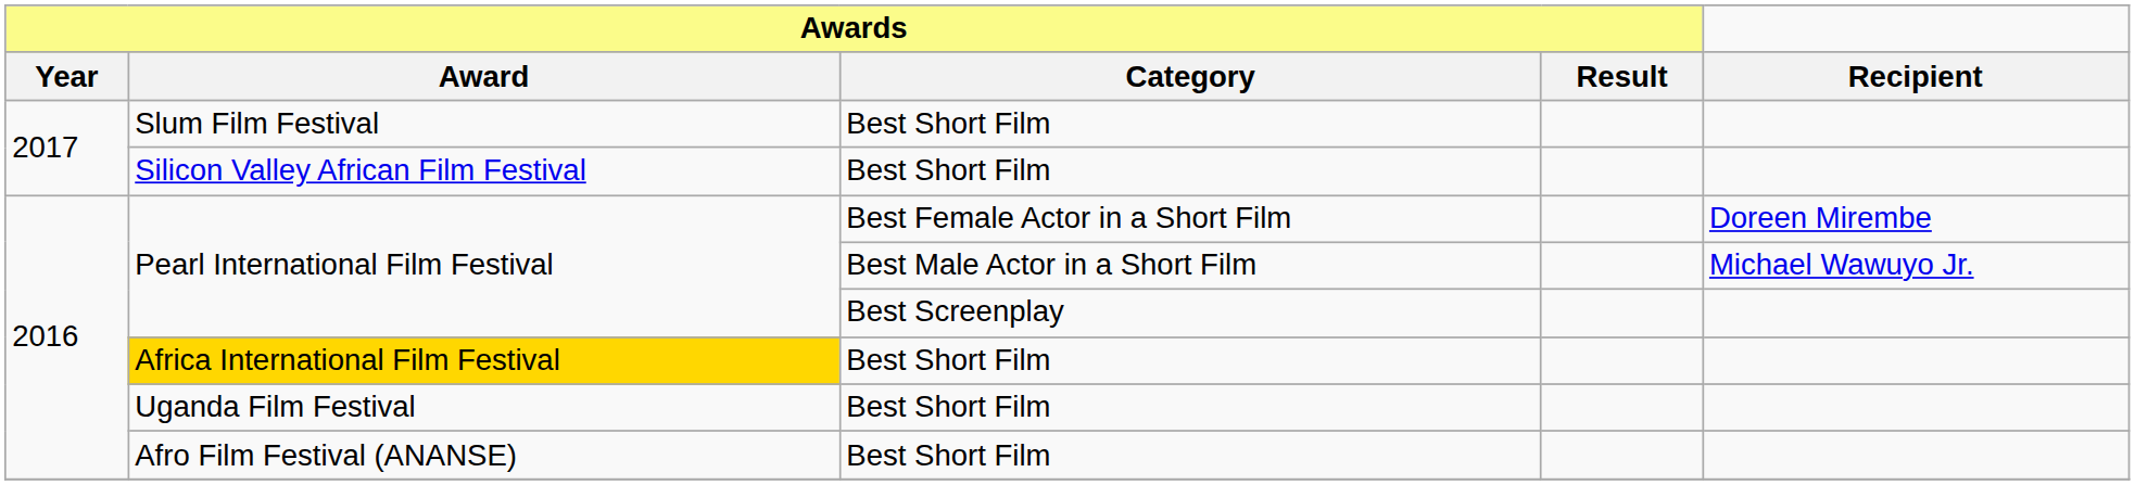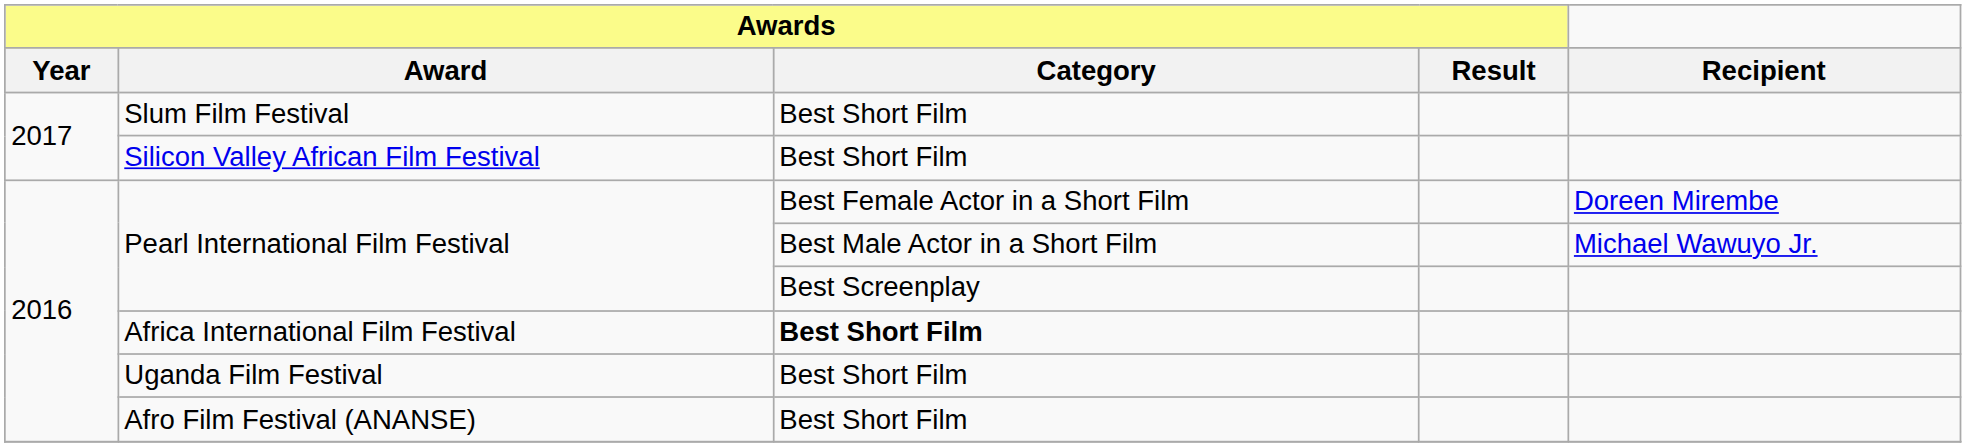 <table class="wikitable" width="90%">
 <tr>
 <th colspan="4" style="background: #FBFC8A;">Awards</th>
 </tr>
 <tr style="background:#ccc; text-align:center;">
 <th>Year</th>
 <th>Award</th>
 <th>Category</th>
 <th>Result</th>
 <th>Recipient</th>
 </tr>
 <tr>
 <td rowspan ="2">2017</td>
 <td>Slum Film Festival</td>
 <td>Best Short Film</td>
 <td></td>
 <td></td>
 </tr>
 <tr>
 <td><a href='#'>Silicon Valley African Film Festival</a></td>
 <td>Best Short Film</td>
 <td></td>
 <td></td>
 </tr>
 <tr>
 <td rowspan ="6">2016</td>
 <td rowspan ="3">Pearl International Film Festival</td>
 <td>Best Female Actor in a Short Film</td>
 <td></td>
 <td><a href='#'>Doreen Mirembe</a></td>
 </tr>
 <tr>
 <td>Best Male Actor in a Short Film</td>
 <td></td>
 <td><a href='#'>Michael Wawuyo Jr.</a></td>
 </tr>
 <tr>
 <td>Best Screenplay</td>
 <td></td>
 <td></td>
 </tr>
 <tr>
-<td style="background: gold;">Africa International Film Festival</td>
-<td>Best Short Film</td>
+<td>Africa International Film Festival</td>
+<td><strong>Best Short Film</strong></td>
 <td></td>
 <td></td>
 </tr>
 <tr>
 <td>Uganda Film Festival</td>
 <td>Best Short Film</td>
 <td></td>
 <td></td>
 </tr>
 <tr>
 <td>Afro Film Festival (ANANSE)</td>
 <td>Best Short Film</td>
 <td></td>
 <td></td>
 </tr>
 <tr>
 </tr>
 </table>
